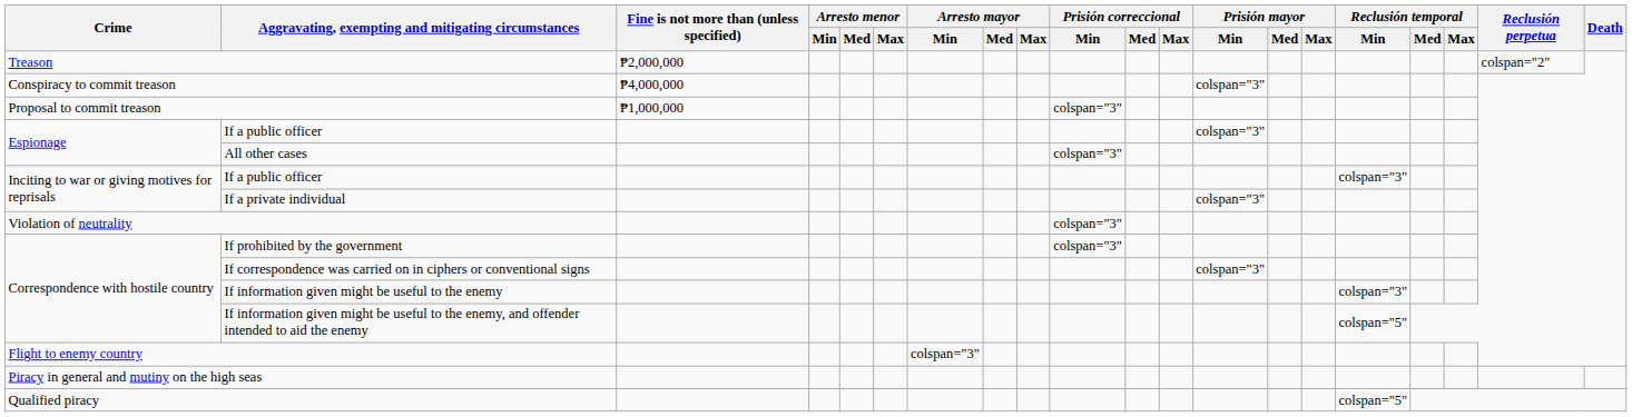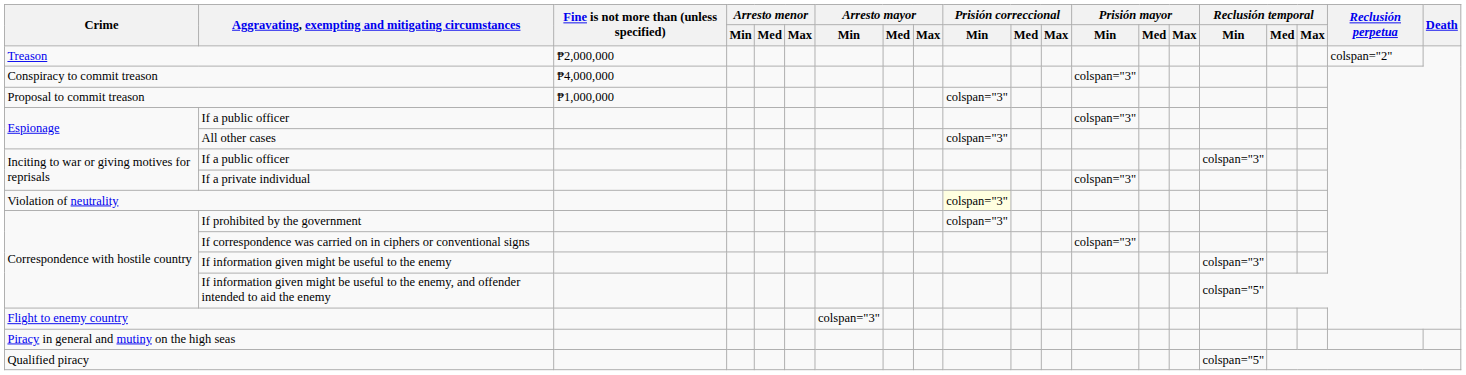 <table class="wikitable" style="font-size:85%;" width="100%">
 <tr>
 <th rowspan="2">Crime</th>
 <th rowspan="2"><a href='#'>Aggravating</a>, <a href='#'>exempting and mitigating circumstances</a></th>
 <th rowspan="2"><a href='#'>Fine</a> is not more than (unless specified)</th>
 <th colspan="3"><em>Arresto menor</em></th>
 <th colspan="3"><em>Arresto mayor</em></th>
 <th colspan="3"><em>Prisión correccional</em></th>
 <th colspan="3"><em>Prisión mayor</em></th>
 <th colspan="3"><em>Reclusión temporal</em></th>
 <th rowspan="2"><em><a href='#'>Reclusión perpetua</a></em></th>
 <th rowspan="2"><a href='#'>Death</a></th>
 </tr>
 <tr>
 <th width="5px">Min</th>
 <th width="5px">Med</th>
 <th width="5px">Max</th>
 <th width="5px">Min</th>
 <th width="5px">Med</th>
 <th width="5px">Max</th>
 <th width="5px">Min</th>
 <th width="5px">Med</th>
 <th width="5px">Max</th>
 <th width="5px">Min</th>
 <th width="5px">Med</th>
 <th width="5px">Max</th>
 <th width="5px">Min</th>
 <th width="5px">Med</th>
 <th width="5px">Max</th>
 </tr>
 <tr>
 <td colspan="2"><a href='#'>Treason</a></td>
 <td>₱2,000,000</td>
 <td></td>
 <td></td>
 <td></td>
 <td></td>
 <td></td>
 <td></td>
 <td></td>
 <td></td>
 <td></td>
 <td></td>
 <td></td>
 <td></td>
 <td></td>
 <td></td>
 <td></td>
 <td>colspan="2" </td>
 </tr>
 <tr>
 <td colspan="2">Conspiracy to commit treason</td>
 <td>₱4,000,000</td>
 <td></td>
 <td></td>
 <td></td>
 <td></td>
 <td></td>
 <td></td>
 <td></td>
 <td></td>
 <td></td>
 <td>colspan="3" </td>
 <td></td>
 <td></td>
 <td></td>
 <td></td>
 <td></td>
 </tr>
 <tr>
 <td colspan="2">Proposal to commit treason</td>
 <td>₱1,000,000</td>
 <td></td>
 <td></td>
 <td></td>
 <td></td>
 <td></td>
 <td></td>
 <td>colspan="3" </td>
 <td></td>
 <td></td>
 <td></td>
 <td></td>
 <td></td>
 <td></td>
 <td></td>
 <td></td>
 </tr>
 <tr>
 <td rowspan="2"><a href='#'>Espionage</a></td>
 <td>If a public officer</td>
 <td></td>
 <td></td>
 <td></td>
 <td></td>
 <td></td>
 <td></td>
 <td></td>
 <td></td>
 <td></td>
 <td></td>
 <td>colspan="3" </td>
 <td></td>
 <td></td>
 <td></td>
 <td></td>
 <td></td>
 </tr>
 <tr>
 <td>All other cases</td>
 <td></td>
 <td></td>
 <td></td>
 <td></td>
 <td></td>
 <td></td>
 <td></td>
 <td>colspan="3" </td>
 <td></td>
 <td></td>
 <td></td>
 <td></td>
 <td></td>
 <td></td>
 <td></td>
 <td></td>
 </tr>
 <tr>
 <td rowspan="2">Inciting to war or giving motives for reprisals</td>
 <td>If a public officer</td>
 <td></td>
 <td></td>
 <td></td>
 <td></td>
 <td></td>
 <td></td>
 <td></td>
 <td></td>
 <td></td>
 <td></td>
 <td></td>
 <td></td>
 <td></td>
 <td>colspan="3" </td>
 <td></td>
 <td></td>
 </tr>
 <tr>
 <td>If a private individual</td>
 <td></td>
 <td></td>
 <td></td>
 <td></td>
 <td></td>
 <td></td>
 <td></td>
 <td></td>
 <td></td>
 <td></td>
 <td>colspan="3" </td>
 <td></td>
 <td></td>
 <td></td>
 <td></td>
 <td></td>
 </tr>
 <tr>
 <td colspan="2">Violation of <a href='#'>neutrality</a></td>
 <td></td>
 <td></td>
 <td></td>
 <td></td>
 <td></td>
 <td></td>
 <td></td>
-<td>colspan="3" </td>
+<td style="background: lightyellow;">colspan="3" </td>
 <td></td>
 <td></td>
 <td></td>
 <td></td>
 <td></td>
 <td></td>
 <td></td>
 <td></td>
 </tr>
 <tr>
 <td rowspan="4">Correspondence with hostile country</td>
 <td>If prohibited by the government</td>
 <td></td>
 <td></td>
 <td></td>
 <td></td>
 <td></td>
 <td></td>
 <td></td>
 <td>colspan="3" </td>
 <td></td>
 <td></td>
 <td></td>
 <td></td>
 <td></td>
 <td></td>
 <td></td>
 <td></td>
 </tr>
 <tr>
 <td>If correspondence was carried on in ciphers or conventional signs</td>
 <td></td>
 <td></td>
 <td></td>
 <td></td>
 <td></td>
 <td></td>
 <td></td>
 <td></td>
 <td></td>
 <td></td>
 <td>colspan="3" </td>
 <td></td>
 <td></td>
 <td></td>
 <td></td>
 <td></td>
 </tr>
 <tr>
 <td>If information given might be useful to the enemy</td>
 <td></td>
 <td></td>
 <td></td>
 <td></td>
 <td></td>
 <td></td>
 <td></td>
 <td></td>
 <td></td>
 <td></td>
 <td></td>
 <td></td>
 <td></td>
 <td>colspan="3" </td>
 <td></td>
 <td></td>
 </tr>
 <tr>
 <td>If information given might be useful to the enemy, and offender intended to aid the enemy</td>
 <td></td>
 <td></td>
 <td></td>
 <td></td>
 <td></td>
 <td></td>
 <td></td>
 <td></td>
 <td></td>
 <td></td>
 <td></td>
 <td></td>
 <td></td>
 <td>colspan="5" </td>
 </tr>
 <tr>
 <td colspan="2"><a href='#'>Flight to enemy country</a></td>
 <td></td>
 <td></td>
 <td></td>
 <td></td>
 <td>colspan="3" </td>
 <td></td>
 <td></td>
 <td></td>
 <td></td>
 <td></td>
 <td></td>
 <td></td>
 <td></td>
 <td></td>
 <td></td>
 <td></td>
 </tr>
 <tr>
 <td colspan="2"><a href='#'>Piracy</a> in general and <a href='#'>mutiny</a> on the high seas</td>
 <td></td>
 <td></td>
 <td></td>
 <td></td>
 <td></td>
 <td></td>
 <td></td>
 <td></td>
 <td></td>
 <td></td>
 <td></td>
 <td></td>
 <td></td>
 <td></td>
 <td></td>
 <td></td>
 <td></td>
 <td></td>
 </tr>
 <tr>
 <td colspan="2">Qualified piracy</td>
 <td></td>
 <td></td>
 <td></td>
 <td></td>
 <td></td>
 <td></td>
 <td></td>
 <td></td>
 <td></td>
 <td></td>
 <td></td>
 <td></td>
 <td></td>
 <td>colspan="5" </td>
 </tr>
 </table>
